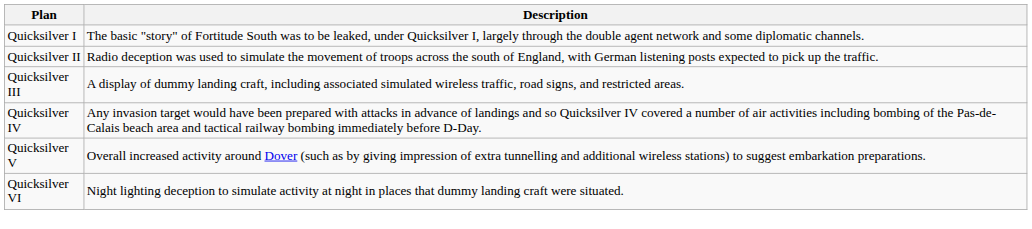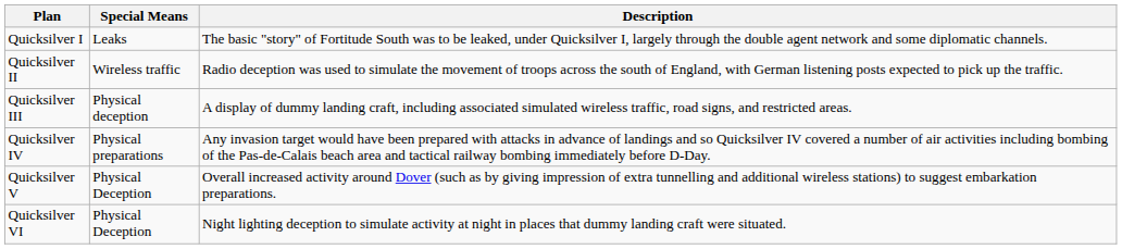 <table class="wikitable">
 <tr>
 <th>Plan</th>
+<th>Special Means</th>
 <th>Description</th>
 </tr>
 <tr>
 <td>Quicksilver I</td>
+<td>Leaks</td>
 <td>The basic "story" of Fortitude South was to be leaked, under Quicksilver I, largely through the double agent network and some diplomatic channels.</td>
 </tr>
 <tr>
 <td>Quicksilver II</td>
+<td>Wireless traffic</td>
 <td>Radio deception was used to simulate the movement of troops across the south of England, with German listening posts expected to pick up the traffic.</td>
 </tr>
 <tr>
 <td>Quicksilver III</td>
+<td>Physical deception</td>
 <td>A display of dummy landing craft, including associated simulated wireless traffic, road signs, and restricted areas.</td>
 </tr>
 <tr>
 <td>Quicksilver IV</td>
+<td>Physical preparations</td>
 <td>Any invasion target would have been prepared with attacks in advance of landings and so Quicksilver IV covered a number of air activities including bombing of the Pas-de-Calais beach area and tactical railway bombing immediately before D-Day.</td>
 </tr>
 <tr>
 <td>Quicksilver V</td>
+<td>Physical Deception</td>
 <td>Overall increased activity around <a href='#'>Dover</a> (such as by giving impression of extra tunnelling and additional wireless stations) to suggest embarkation preparations.</td>
 </tr>
 <tr>
 <td>Quicksilver VI</td>
+<td>Physical Deception</td>
 <td>Night lighting deception to simulate activity at night in places that dummy landing craft were situated.</td>
 </tr>
 </table>
